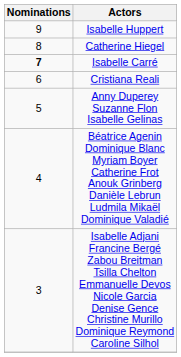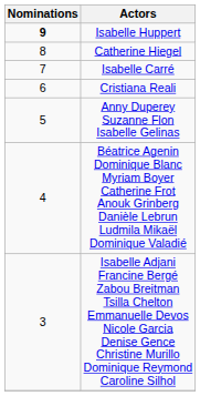 <table class="wikitable" style="text-align:center;">
 <tr>
 <th scope="col" width="55">Nominations</th>
 <th scope="col" align="center">Actors</th>
 </tr>
 <tr>
-<td style="text-align:center">9</td>
+<td style="text-align:center"><strong>9</strong></td>
 <td><a href='#'>Isabelle Huppert</a></td>
 </tr>
 <tr>
 <td style="text-align:center">8</td>
 <td><a href='#'>Catherine Hiegel</a></td>
 </tr>
 <tr>
-<td style="text-align:center"><strong>7</strong></td>
+<td style="text-align:center">7</td>
 <td><a href='#'>Isabelle Carré</a></td>
 </tr>
 <tr>
 <td style="text-align:center">6</td>
 <td><a href='#'>Cristiana Reali</a></td>
 </tr>
 <tr>
 <td style="text-align:center">5</td>
 <td><a href='#'>Anny Duperey</a><br><a href='#'>Suzanne Flon</a><br><a href='#'>Isabelle Gelinas</a></td>
 </tr>
 <tr>
 <td style="text-align:center">4</td>
 <td><a href='#'>Béatrice Agenin</a><br><a href='#'>Dominique Blanc</a><br><a href='#'>Myriam Boyer</a><br><a href='#'>Catherine Frot</a><br><a href='#'>Anouk Grinberg</a><br><a href='#'>Danièle Lebrun</a><br><a href='#'>Ludmila Mikaël</a><br><a href='#'>Dominique Valadié</a></td>
 </tr>
 <tr>
 <td style="text-align:center">3</td>
 <td><a href='#'>Isabelle Adjani</a><br><a href='#'>Francine Bergé</a><br><a href='#'>Zabou Breitman</a><br><a href='#'>Tsilla Chelton</a><br><a href='#'>Emmanuelle Devos</a><br><a href='#'>Nicole Garcia</a><br><a href='#'>Denise Gence</a><br><a href='#'>Christine Murillo</a><br><a href='#'>Dominique Reymond</a><br><a href='#'>Caroline Silhol</a></td>
 </tr>
 <tr>
 </tr>
 </table>
